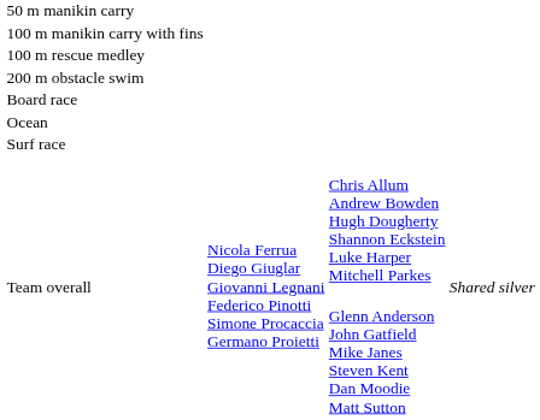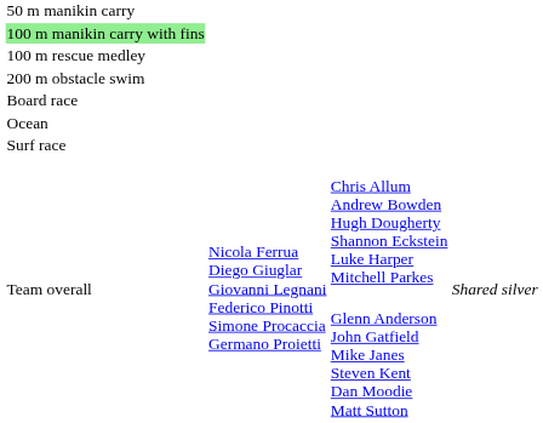 <table>
 <tr>
 <td>50 m manikin carry<br></td>
 <td></td>
 <td></td>
 <td></td>
 </tr>
 <tr>
-<td>100 m manikin carry with fins<br></td>
+<td style="background: lightgreen;">100 m manikin carry with fins<br></td>
 <td></td>
 <td></td>
 <td></td>
 </tr>
 <tr>
 <td>100 m rescue medley<br></td>
 <td></td>
 <td></td>
 <td></td>
 </tr>
 <tr>
 <td>200 m obstacle swim<br></td>
 <td></td>
 <td></td>
 <td></td>
 </tr>
 <tr>
 <td>Board race<br></td>
 <td></td>
 <td></td>
 <td></td>
 </tr>
 <tr>
 <td>Ocean<br></td>
 <td></td>
 <td></td>
 <td></td>
 </tr>
 <tr>
 <td>Surf race<br></td>
 <td></td>
 <td></td>
 <td></td>
 </tr>
 <tr>
 <td rowspan=2>Team overall<br></td>
 <td rowspan=2><br><a href='#'>Nicola Ferrua</a><br><a href='#'>Diego Giuglar</a><br><a href='#'>Giovanni Legnani</a><br><a href='#'>Federico Pinotti</a><br><a href='#'>Simone Procaccia</a><br><a href='#'>Germano Proietti</a></td>
 <td><br><a href='#'>Chris Allum</a><br><a href='#'>Andrew Bowden</a><br><a href='#'>Hugh Dougherty</a><br><a href='#'>Shannon Eckstein</a><br><a href='#'>Luke Harper</a><br><a href='#'>Mitchell Parkes</a></td>
 <td rowspan=2><em>Shared silver</em></td>
 </tr>
 <tr>
 <td><br><a href='#'>Glenn Anderson</a><br><a href='#'>John Gatfield</a><br><a href='#'>Mike Janes</a><br><a href='#'>Steven Kent</a><br><a href='#'>Dan Moodie</a><br><a href='#'>Matt Sutton</a></td>
 </tr>
 </table>
